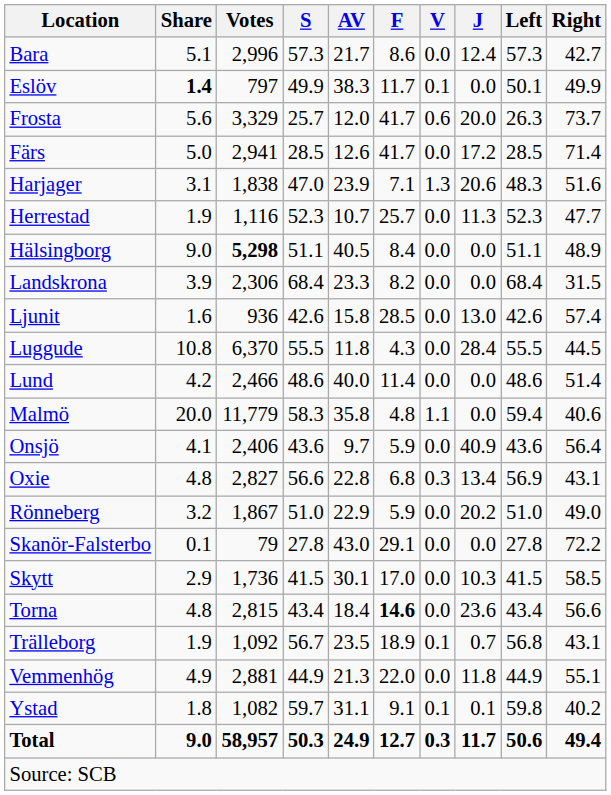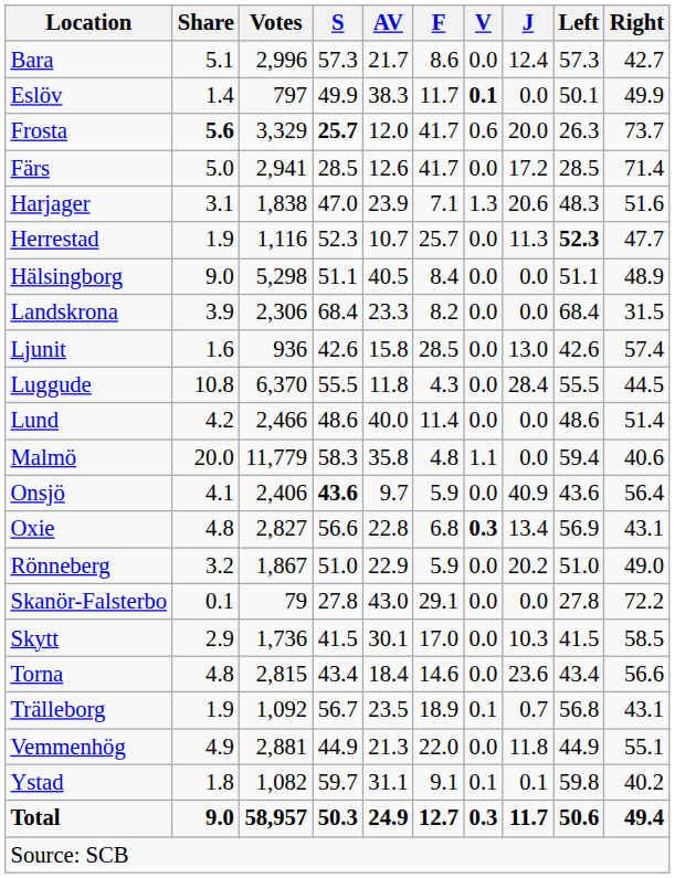 <table class="wikitable sortable" style=text-align:right>
 <tr>
 <th>Location</th>
 <th>Share</th>
 <th>Votes</th>
 <th><a href='#'>S</a></th>
 <th><a href='#'>AV</a></th>
 <th><a href='#'>F</a></th>
 <th><a href='#'>V</a></th>
 <th><a href='#'>J</a></th>
 <th>Left</th>
 <th>Right</th>
 </tr>
 <tr>
 <td align=left><a href='#'>Bara</a></td>
 <td>5.1</td>
 <td>2,996</td>
 <td>57.3</td>
 <td>21.7</td>
 <td>8.6</td>
 <td>0.0</td>
 <td>12.4</td>
 <td>57.3</td>
 <td>42.7</td>
 </tr>
 <tr>
 <td align=left><a href='#'>Eslöv</a></td>
-<td><strong>1.4</strong></td>
+<td>1.4</td>
 <td>797</td>
 <td>49.9</td>
 <td>38.3</td>
 <td>11.7</td>
-<td>0.1</td>
+<td><strong>0.1</strong></td>
 <td>0.0</td>
 <td>50.1</td>
 <td>49.9</td>
 </tr>
 <tr>
 <td align=left><a href='#'>Frosta</a></td>
-<td>5.6</td>
+<td><strong>5.6</strong></td>
 <td>3,329</td>
-<td>25.7</td>
+<td><strong>25.7</strong></td>
 <td>12.0</td>
 <td>41.7</td>
 <td>0.6</td>
 <td>20.0</td>
 <td>26.3</td>
 <td>73.7</td>
 </tr>
 <tr>
 <td align=left><a href='#'>Färs</a></td>
 <td>5.0</td>
 <td>2,941</td>
 <td>28.5</td>
 <td>12.6</td>
 <td>41.7</td>
 <td>0.0</td>
 <td>17.2</td>
 <td>28.5</td>
 <td>71.4</td>
 </tr>
 <tr>
 <td align=left><a href='#'>Harjager</a></td>
 <td>3.1</td>
 <td>1,838</td>
 <td>47.0</td>
 <td>23.9</td>
 <td>7.1</td>
 <td>1.3</td>
 <td>20.6</td>
 <td>48.3</td>
 <td>51.6</td>
 </tr>
 <tr>
 <td align=left><a href='#'>Herrestad</a></td>
 <td>1.9</td>
 <td>1,116</td>
 <td>52.3</td>
 <td>10.7</td>
 <td>25.7</td>
 <td>0.0</td>
 <td>11.3</td>
-<td>52.3</td>
+<td><strong>52.3</strong></td>
 <td>47.7</td>
 </tr>
 <tr>
 <td align=left><a href='#'>Hälsingborg</a></td>
 <td>9.0</td>
-<td><strong>5,298</strong></td>
+<td>5,298</td>
 <td>51.1</td>
 <td>40.5</td>
 <td>8.4</td>
 <td>0.0</td>
 <td>0.0</td>
 <td>51.1</td>
 <td>48.9</td>
 </tr>
 <tr>
 <td align=left><a href='#'>Landskrona</a></td>
 <td>3.9</td>
 <td>2,306</td>
 <td>68.4</td>
 <td>23.3</td>
 <td>8.2</td>
 <td>0.0</td>
 <td>0.0</td>
 <td>68.4</td>
 <td>31.5</td>
 </tr>
 <tr>
 <td align=left><a href='#'>Ljunit</a></td>
 <td>1.6</td>
 <td>936</td>
 <td>42.6</td>
 <td>15.8</td>
 <td>28.5</td>
 <td>0.0</td>
 <td>13.0</td>
 <td>42.6</td>
 <td>57.4</td>
 </tr>
 <tr>
 <td align=left><a href='#'>Luggude</a></td>
 <td>10.8</td>
 <td>6,370</td>
 <td>55.5</td>
 <td>11.8</td>
 <td>4.3</td>
 <td>0.0</td>
 <td>28.4</td>
 <td>55.5</td>
 <td>44.5</td>
 </tr>
 <tr>
 <td align=left><a href='#'>Lund</a></td>
 <td>4.2</td>
 <td>2,466</td>
 <td>48.6</td>
 <td>40.0</td>
 <td>11.4</td>
 <td>0.0</td>
 <td>0.0</td>
 <td>48.6</td>
 <td>51.4</td>
 </tr>
 <tr>
 <td align=left><a href='#'>Malmö</a></td>
 <td>20.0</td>
 <td>11,779</td>
 <td>58.3</td>
 <td>35.8</td>
 <td>4.8</td>
 <td>1.1</td>
 <td>0.0</td>
 <td>59.4</td>
 <td>40.6</td>
 </tr>
 <tr>
 <td align=left><a href='#'>Onsjö</a></td>
 <td>4.1</td>
 <td>2,406</td>
-<td>43.6</td>
+<td><strong>43.6</strong></td>
 <td>9.7</td>
 <td>5.9</td>
 <td>0.0</td>
 <td>40.9</td>
 <td>43.6</td>
 <td>56.4</td>
 </tr>
 <tr>
 <td align=left><a href='#'>Oxie</a></td>
 <td>4.8</td>
 <td>2,827</td>
 <td>56.6</td>
 <td>22.8</td>
 <td>6.8</td>
-<td>0.3</td>
+<td><strong>0.3</strong></td>
 <td>13.4</td>
 <td>56.9</td>
 <td>43.1</td>
 </tr>
 <tr>
 <td align=left><a href='#'>Rönneberg</a></td>
 <td>3.2</td>
 <td>1,867</td>
 <td>51.0</td>
 <td>22.9</td>
 <td>5.9</td>
 <td>0.0</td>
 <td>20.2</td>
 <td>51.0</td>
 <td>49.0</td>
 </tr>
 <tr>
 <td align=left><a href='#'>Skanör-Falsterbo</a></td>
 <td>0.1</td>
 <td>79</td>
 <td>27.8</td>
 <td>43.0</td>
 <td>29.1</td>
 <td>0.0</td>
 <td>0.0</td>
 <td>27.8</td>
 <td>72.2</td>
 </tr>
 <tr>
 <td align=left><a href='#'>Skytt</a></td>
 <td>2.9</td>
 <td>1,736</td>
 <td>41.5</td>
 <td>30.1</td>
 <td>17.0</td>
 <td>0.0</td>
 <td>10.3</td>
 <td>41.5</td>
 <td>58.5</td>
 </tr>
 <tr>
 <td align=left><a href='#'>Torna</a></td>
 <td>4.8</td>
 <td>2,815</td>
 <td>43.4</td>
 <td>18.4</td>
-<td><strong>14.6</strong></td>
+<td>14.6</td>
 <td>0.0</td>
 <td>23.6</td>
 <td>43.4</td>
 <td>56.6</td>
 </tr>
 <tr>
 <td align=left><a href='#'>Trälleborg</a></td>
 <td>1.9</td>
 <td>1,092</td>
 <td>56.7</td>
 <td>23.5</td>
 <td>18.9</td>
 <td>0.1</td>
 <td>0.7</td>
 <td>56.8</td>
 <td>43.1</td>
 </tr>
 <tr>
 <td align=left><a href='#'>Vemmenhög</a></td>
 <td>4.9</td>
 <td>2,881</td>
 <td>44.9</td>
 <td>21.3</td>
 <td>22.0</td>
 <td>0.0</td>
 <td>11.8</td>
 <td>44.9</td>
 <td>55.1</td>
 </tr>
 <tr>
 <td align=left><a href='#'>Ystad</a></td>
 <td>1.8</td>
 <td>1,082</td>
 <td>59.7</td>
 <td>31.1</td>
 <td>9.1</td>
 <td>0.1</td>
 <td>0.1</td>
 <td>59.8</td>
 <td>40.2</td>
 </tr>
 <tr>
 <td align=left><strong>Total</strong></td>
 <td><strong>9.0</strong></td>
 <td><strong>58,957</strong></td>
 <td><strong>50.3</strong></td>
 <td><strong>24.9</strong></td>
 <td><strong>12.7</strong></td>
 <td><strong>0.3</strong></td>
 <td><strong>11.7</strong></td>
 <td><strong>50.6</strong></td>
 <td><strong>49.4</strong></td>
 </tr>
 <tr>
 <td align=left colspan=10>Source: SCB </td>
 </tr>
 </table>
